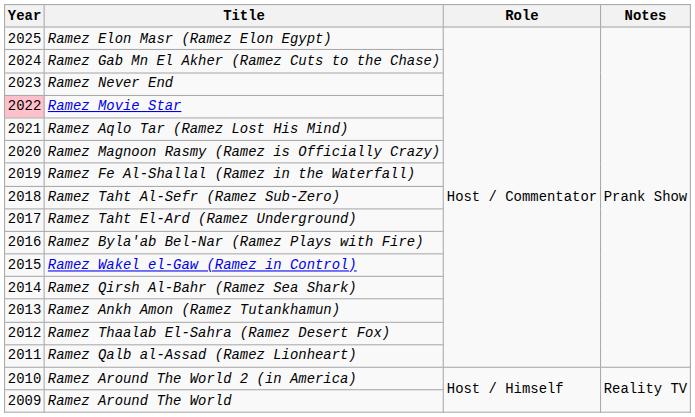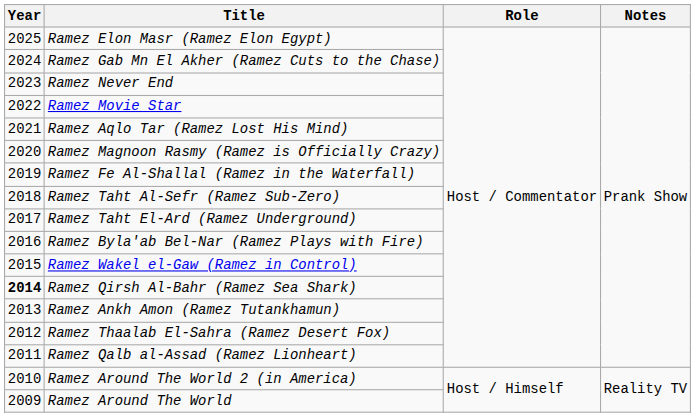 <table class="wikitable">
 <tr>
 <th>Year</th>
 <th>Title</th>
 <th>Role</th>
 <th class="unsortable">Notes</th>
 </tr>
 <tr>
 <td>2025</td>
 <td><em>Ramez Elon Masr (Ramez Elon Egypt)</em></td>
 <td rowspan="15">Host / Commentator</td>
 <td rowspan="15">Prank Show</td>
 </tr>
 <tr>
 <td>2024</td>
 <td><em>Ramez Gab Mn El Akher (Ramez Cuts to the Chase)</em></td>
 </tr>
 <tr>
 <td>2023</td>
 <td><em>Ramez Never End</em></td>
 </tr>
 <tr>
-<td style="background: pink;">2022</td>
+<td>2022</td>
 <td><em><a href='#'>Ramez Movie Star</a></em></td>
 </tr>
 <tr>
 <td>2021</td>
 <td><em>Ramez Aqlo Tar (Ramez Lost His Mind)</em></td>
 </tr>
 <tr>
 <td>2020</td>
 <td><em>Ramez Magnoon Rasmy (Ramez is Officially Crazy)</em></td>
 </tr>
 <tr>
 <td>2019</td>
 <td><em>Ramez Fe Al-Shallal (Ramez in the Waterfall)</em></td>
 </tr>
 <tr>
 <td>2018</td>
 <td><em>Ramez Taht Al-Sefr (Ramez Sub-Zero)</em></td>
 </tr>
 <tr>
 <td>2017</td>
 <td><em>Ramez Taht El-Ard (Ramez Underground)</em></td>
 </tr>
 <tr>
 <td>2016</td>
 <td><em>Ramez Byla'ab Bel-Nar (Ramez Plays with Fire)</em></td>
 </tr>
 <tr>
 <td>2015</td>
 <td><em><a href='#'>Ramez Wakel el-Gaw (Ramez in Control)</a></em></td>
 </tr>
 <tr>
-<td>2014</td>
+<td><strong>2014</strong></td>
 <td><em>Ramez Qirsh Al-Bahr (Ramez Sea Shark)</em></td>
 </tr>
 <tr>
 <td>2013</td>
 <td><em>Ramez Ankh Amon (Ramez Tutankhamun)</em></td>
 </tr>
 <tr>
 <td>2012</td>
 <td><em>Ramez Thaalab El-Sahra (Ramez Desert Fox)</em></td>
 </tr>
 <tr>
 <td>2011</td>
 <td><em>Ramez Qalb al-Assad (Ramez Lionheart)</em></td>
 </tr>
 <tr>
 <td>2010</td>
 <td><em>Ramez Around The World 2 (in America)</em></td>
 <td rowspan="2">Host / Himself</td>
 <td rowspan="2">Reality TV</td>
 </tr>
 <tr>
 <td>2009</td>
 <td><em>Ramez Around The World</em></td>
 </tr>
 </table>
